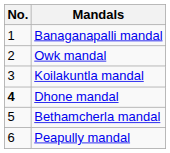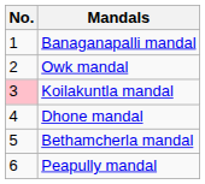 <table class="wikitable">
 <tr>
 <th>No.</th>
 <th>Mandals</th>
 </tr>
 <tr>
 <td>1</td>
 <td><a href='#'>Banaganapalli mandal</a></td>
 </tr>
 <tr>
 <td>2</td>
 <td><a href='#'>Owk mandal</a></td>
 </tr>
 <tr>
-<td>3</td>
+<td style="background: pink;">3</td>
 <td><a href='#'>Koilakuntla mandal</a></td>
 </tr>
 <tr>
-<td><strong>4</strong></td>
+<td>4</td>
 <td><a href='#'>Dhone mandal</a></td>
 </tr>
 <tr>
 <td>5</td>
 <td><a href='#'>Bethamcherla mandal</a></td>
 </tr>
 <tr>
 <td>6</td>
 <td><a href='#'>Peapully mandal</a></td>
 </tr>
 </table>
